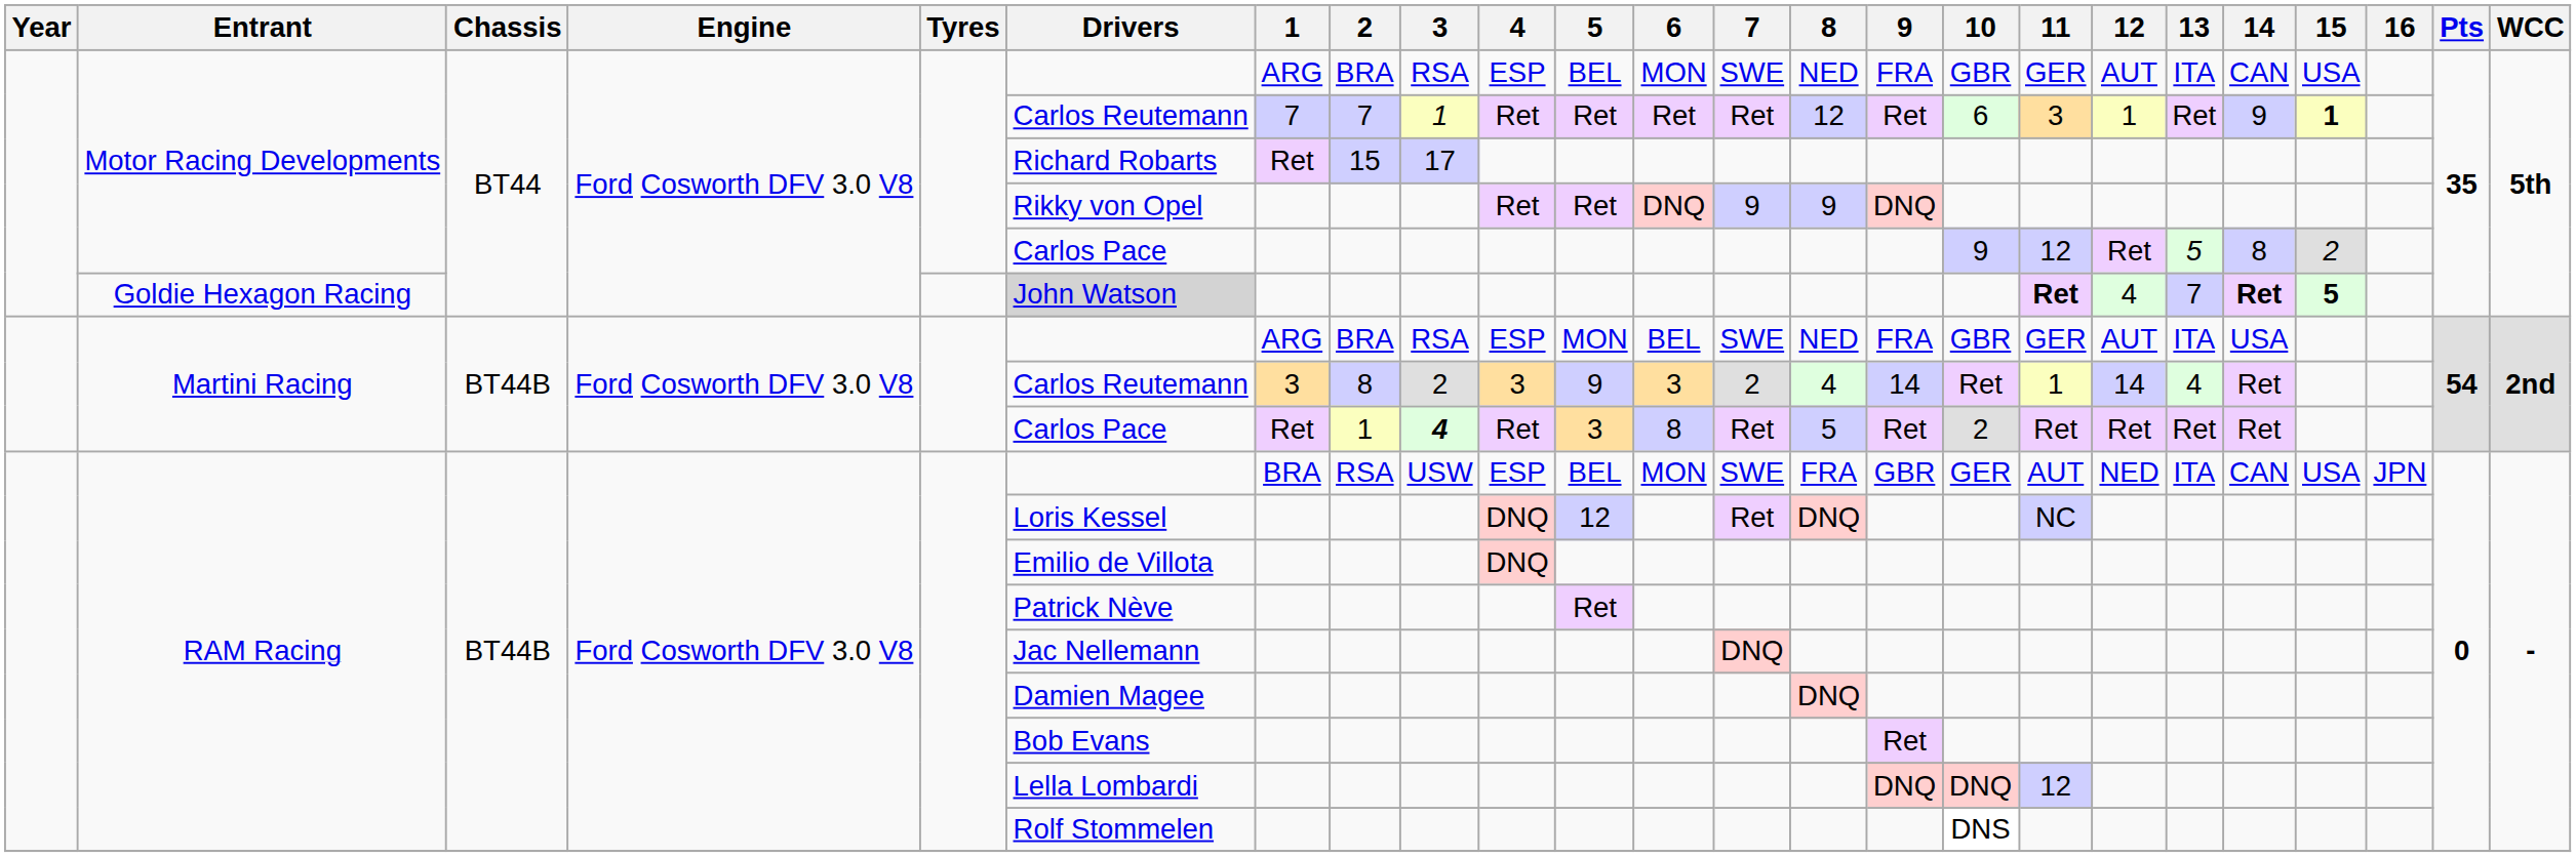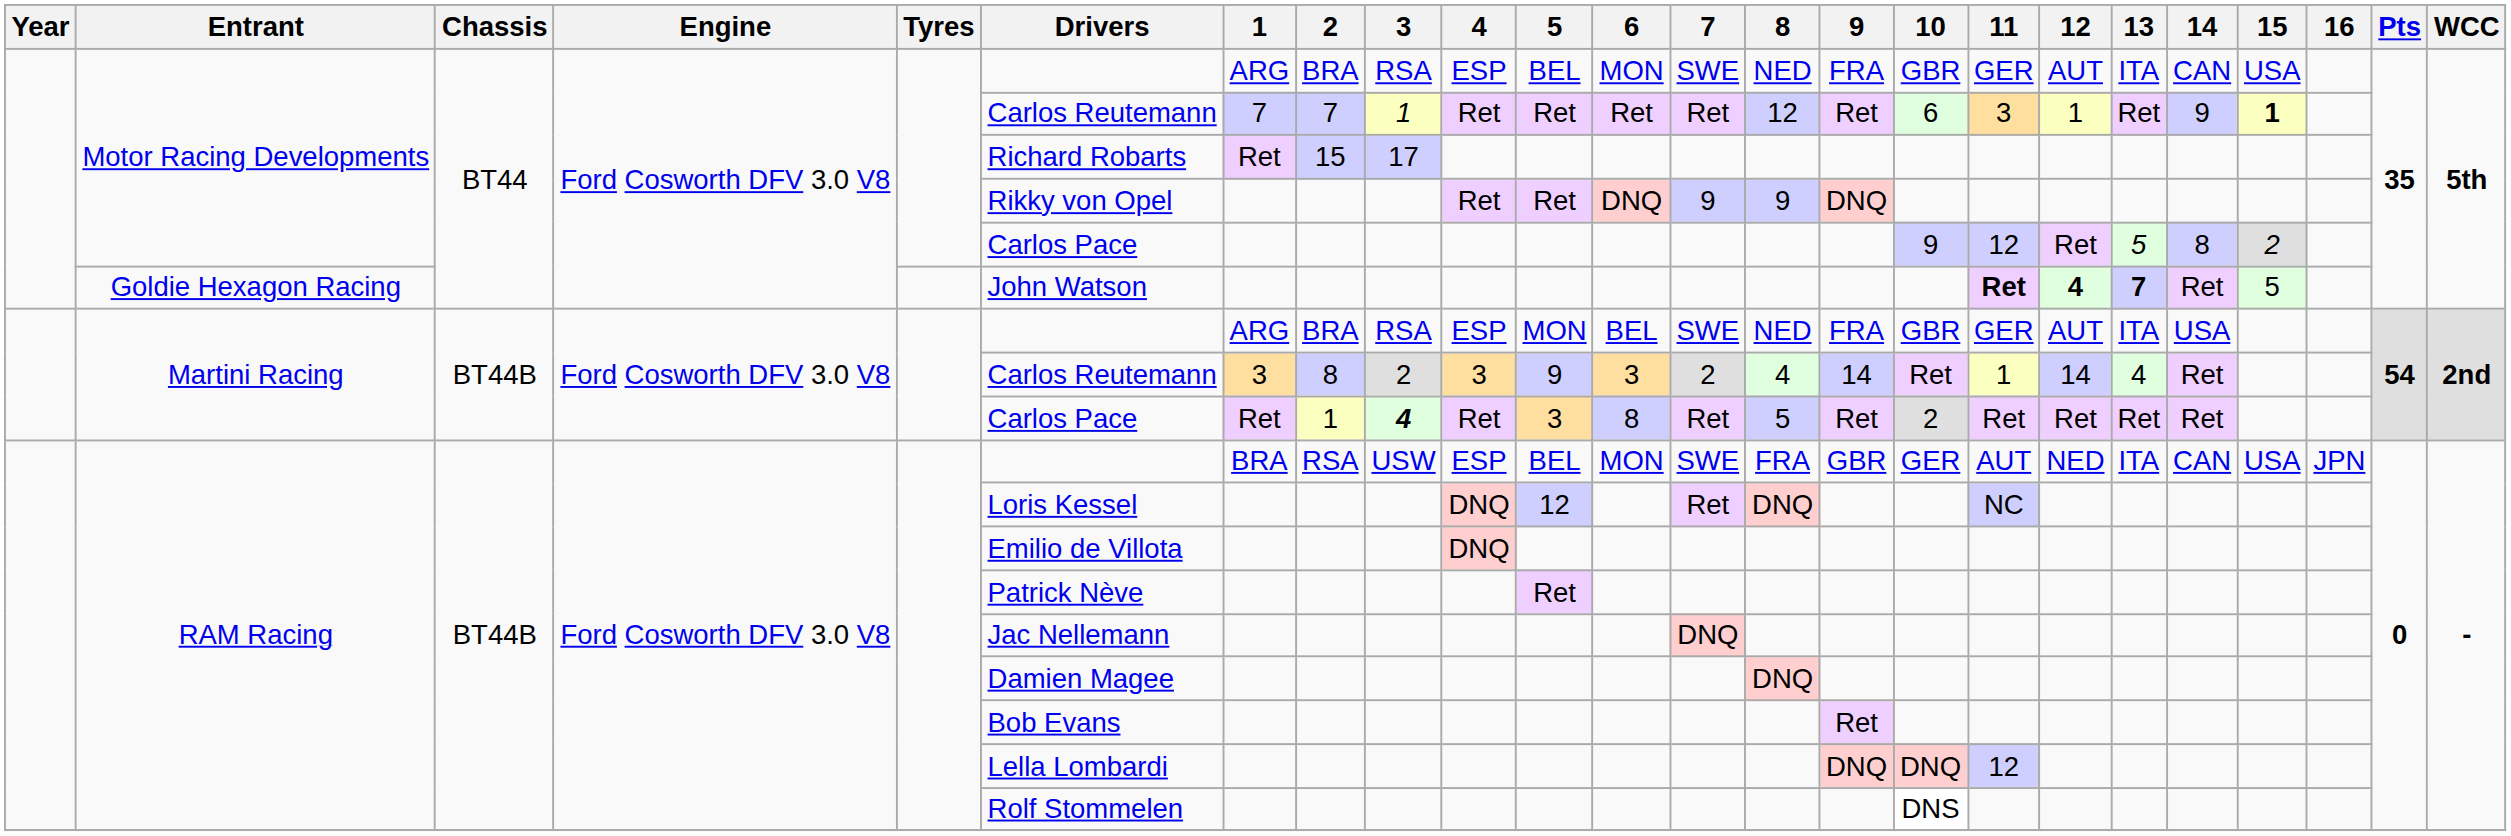 <table class="wikitable" style="text-align:center; font-size:90%">
 <tr>
 <th>Year</th>
 <th>Entrant</th>
 <th>Chassis</th>
 <th>Engine</th>
 <th>Tyres</th>
 <th>Drivers</th>
 <th>1</th>
 <th>2</th>
 <th>3</th>
 <th>4</th>
 <th>5</th>
 <th>6</th>
 <th>7</th>
 <th>8</th>
 <th>9</th>
 <th>10</th>
 <th>11</th>
 <th>12</th>
 <th>13</th>
 <th>14</th>
 <th>15</th>
 <th>16</th>
 <th><a href='#'>Pts</a></th>
 <th>WCC</th>
 </tr>
 <tr>
 <td rowspan=6></td>
 <td rowspan=5><a href='#'>Motor Racing Developments</a></td>
 <td rowspan=6>BT44</td>
 <td rowspan=6><a href='#'>Ford</a> <a href='#'>Cosworth DFV</a> 3.0 <a href='#'>V8</a></td>
 <td rowspan=5></td>
 <td></td>
 <td><a href='#'>ARG</a></td>
 <td><a href='#'>BRA</a></td>
 <td><a href='#'>RSA</a></td>
 <td><a href='#'>ESP</a></td>
 <td><a href='#'>BEL</a></td>
 <td><a href='#'>MON</a></td>
 <td><a href='#'>SWE</a></td>
 <td><a href='#'>NED</a></td>
 <td><a href='#'>FRA</a></td>
 <td><a href='#'>GBR</a></td>
 <td><a href='#'>GER</a></td>
 <td><a href='#'>AUT</a></td>
 <td><a href='#'>ITA</a></td>
 <td><a href='#'>CAN</a></td>
 <td><a href='#'>USA</a></td>
 <td></td>
 <td rowspan=6><strong>35</strong></td>
 <td rowspan=6><strong>5th</strong></td>
 </tr>
 <tr>
 <td align="left"><a href='#'>Carlos Reutemann</a></td>
 <td style="background:#CFCFFF;">7</td>
 <td style="background:#CFCFFF;">7</td>
 <td style="background:#FBFFBF;"><em>1</em></td>
 <td style="background:#EFCFFF;">Ret</td>
 <td style="background:#EFCFFF;">Ret</td>
 <td style="background:#EFCFFF;">Ret</td>
 <td style="background:#EFCFFF;">Ret</td>
 <td style="background:#CFCFFF;">12</td>
 <td style="background:#EFCFFF;">Ret</td>
 <td style="background:#DFFFDF;">6</td>
 <td style="background:#FFDF9F;">3</td>
 <td style="background:#FBFFBF;">1</td>
 <td style="background:#EFCFFF;">Ret</td>
 <td style="background:#CFCFFF;">9</td>
 <td style="background:#FBFFBF;"><strong>1</strong></td>
 <td></td>
 </tr>
 <tr>
 <td align="left"><a href='#'>Richard Robarts</a></td>
 <td style="background:#EFCFFF;">Ret</td>
 <td style="background:#CFCFFF;">15</td>
 <td style="background:#CFCFFF;">17</td>
 <td></td>
 <td></td>
 <td></td>
 <td></td>
 <td></td>
 <td></td>
 <td></td>
 <td></td>
 <td></td>
 <td></td>
 <td></td>
 <td></td>
 <td></td>
 </tr>
 <tr>
 <td align="left"><a href='#'>Rikky von Opel</a></td>
 <td></td>
 <td></td>
 <td></td>
 <td style="background:#EFCFFF;">Ret</td>
 <td style="background:#EFCFFF;">Ret</td>
 <td style="background:#FFCFCF;">DNQ</td>
 <td style="background:#CFCFFF;">9</td>
 <td style="background:#CFCFFF;">9</td>
 <td style="background:#FFCFCF;">DNQ</td>
 <td></td>
 <td></td>
 <td></td>
 <td></td>
 <td></td>
 <td></td>
 <td></td>
 </tr>
 <tr>
 <td align="left"><a href='#'>Carlos Pace</a></td>
 <td></td>
 <td></td>
 <td></td>
 <td></td>
 <td></td>
 <td></td>
 <td></td>
 <td></td>
 <td></td>
 <td style="background:#CFCFFF;">9</td>
 <td style="background:#CFCFFF;">12</td>
 <td style="background:#EFCFFF;">Ret</td>
 <td style="background:#DFFFDF;"><em>5</em></td>
 <td style="background:#CFCFFF;">8</td>
 <td style="background:#DFDFDF;"><em>2</em></td>
 <td></td>
 </tr>
 <tr>
 <td><a href='#'>Goldie Hexagon Racing</a></td>
 <td></td>
-<td align="left" style="background: lightgrey;"><a href='#'>John Watson</a></td>
+<td align="left"><a href='#'>John Watson</a></td>
 <td></td>
 <td></td>
 <td></td>
 <td></td>
 <td></td>
 <td></td>
 <td></td>
 <td></td>
 <td></td>
 <td></td>
 <td style="background:#EFCFFF;"><strong>Ret</strong></td>
-<td style="background:#DFFFDF;">4</td>
-<td style="background:#CFCFFF;">7</td>
-<td style="background:#EFCFFF;"><strong>Ret</strong></td>
-<td style="background:#DFFFDF;"><strong>5</strong></td>
+<td style="background:#DFFFDF;"><strong>4</strong></td>
+<td style="background:#CFCFFF;"><strong>7</strong></td>
+<td style="background:#EFCFFF;">Ret</td>
+<td style="background:#DFFFDF;">5</td>
 <td></td>
 </tr>
 <tr>
 <td rowspan=3></td>
 <td rowspan=3><a href='#'>Martini Racing</a></td>
 <td rowspan=3>BT44B</td>
 <td rowspan=3><a href='#'>Ford</a> <a href='#'>Cosworth DFV</a> 3.0 <a href='#'>V8</a></td>
 <td rowspan=3></td>
 <td></td>
 <td><a href='#'>ARG</a></td>
 <td><a href='#'>BRA</a></td>
 <td><a href='#'>RSA</a></td>
 <td><a href='#'>ESP</a></td>
 <td><a href='#'>MON</a></td>
 <td><a href='#'>BEL</a></td>
 <td><a href='#'>SWE</a></td>
 <td><a href='#'>NED</a></td>
 <td><a href='#'>FRA</a></td>
 <td><a href='#'>GBR</a></td>
 <td><a href='#'>GER</a></td>
 <td><a href='#'>AUT</a></td>
 <td><a href='#'>ITA</a></td>
 <td><a href='#'>USA</a></td>
 <td></td>
 <td></td>
 <td rowspan=3 style="background:#DFDFDF;"><strong>54</strong></td>
 <td rowspan=3 style="background:#DFDFDF;"><strong>2nd</strong></td>
 </tr>
 <tr>
 <td align="left"><a href='#'>Carlos Reutemann</a></td>
 <td style="background:#FFDF9F;">3</td>
 <td style="background:#CFCFFF;">8</td>
 <td style="background:#DFDFDF;">2</td>
 <td style="background:#FFDF9F;">3</td>
 <td style="background:#CFCFFF;">9</td>
 <td style="background:#FFDF9F;">3</td>
 <td style="background:#DFDFDF;">2</td>
 <td style="background:#DFFFDF;">4</td>
 <td style="background:#CFCFFF;">14</td>
 <td style="background:#EFCFFF;">Ret</td>
 <td style="background:#FBFFBF;">1</td>
 <td style="background:#CFCFFF;">14</td>
 <td style="background:#DFFFDF;">4</td>
 <td style="background:#EFCFFF;">Ret</td>
 <td></td>
 <td></td>
 </tr>
 <tr>
 <td align="left"><a href='#'>Carlos Pace</a></td>
 <td style="background:#EFCFFF;">Ret</td>
 <td style="background:#FBFFBF;">1</td>
 <td style="background:#DFFFDF;"><strong><em>4</em></strong></td>
 <td style="background:#EFCFFF;">Ret</td>
 <td style="background:#FFDF9F;">3</td>
 <td style="background:#CFCFFF;">8</td>
 <td style="background:#EFCFFF;">Ret</td>
 <td style="background:#CFCFFF;">5</td>
 <td style="background:#EFCFFF;">Ret</td>
 <td style="background:#DFDFDF;">2</td>
 <td style="background:#EFCFFF;">Ret</td>
 <td style="background:#EFCFFF;">Ret</td>
 <td style="background:#EFCFFF;">Ret</td>
 <td style="background:#EFCFFF;">Ret</td>
 <td></td>
 <td></td>
 </tr>
 <tr>
 <td rowspan=9></td>
 <td rowspan=9><a href='#'>RAM Racing</a></td>
 <td rowspan=9>BT44B</td>
 <td rowspan=9><a href='#'>Ford</a> <a href='#'>Cosworth DFV</a> 3.0 <a href='#'>V8</a></td>
 <td rowspan=9></td>
 <td></td>
 <td><a href='#'>BRA</a></td>
 <td><a href='#'>RSA</a></td>
 <td><a href='#'>USW</a></td>
 <td><a href='#'>ESP</a></td>
 <td><a href='#'>BEL</a></td>
 <td><a href='#'>MON</a></td>
 <td><a href='#'>SWE</a></td>
 <td><a href='#'>FRA</a></td>
 <td><a href='#'>GBR</a></td>
 <td><a href='#'>GER</a></td>
 <td><a href='#'>AUT</a></td>
 <td><a href='#'>NED</a></td>
 <td><a href='#'>ITA</a></td>
 <td><a href='#'>CAN</a></td>
 <td><a href='#'>USA</a></td>
 <td><a href='#'>JPN</a></td>
 <td rowspan=9><strong>0</strong></td>
 <td rowspan=9><strong>-</strong></td>
 </tr>
 <tr>
 <td align="left"><a href='#'>Loris Kessel</a></td>
 <td></td>
 <td></td>
 <td></td>
 <td style="background:#FFCFCF;">DNQ</td>
 <td style="background:#CFCFFF;">12</td>
 <td></td>
 <td style="background:#EFCFFF;">Ret</td>
 <td style="background:#FFCFCF;">DNQ</td>
 <td></td>
 <td></td>
 <td style="background:#CFCFFF;">NC</td>
 <td></td>
 <td></td>
 <td></td>
 <td></td>
 <td></td>
 </tr>
 <tr>
 <td align="left"><a href='#'>Emilio de Villota</a></td>
 <td></td>
 <td></td>
 <td></td>
 <td style="background:#FFCFCF;">DNQ</td>
 <td></td>
 <td></td>
 <td></td>
 <td></td>
 <td></td>
 <td></td>
 <td></td>
 <td></td>
 <td></td>
 <td></td>
 <td></td>
 <td></td>
 </tr>
 <tr>
 <td align="left"><a href='#'>Patrick Nève</a></td>
 <td></td>
 <td></td>
 <td></td>
 <td></td>
 <td style="background:#EFCFFF;">Ret</td>
 <td></td>
 <td></td>
 <td></td>
 <td></td>
 <td></td>
 <td></td>
 <td></td>
 <td></td>
 <td></td>
 <td></td>
 <td></td>
 </tr>
 <tr>
 <td align="left"><a href='#'>Jac Nellemann</a></td>
 <td></td>
 <td></td>
 <td></td>
 <td></td>
 <td></td>
 <td></td>
 <td style="background:#FFCFCF;">DNQ</td>
 <td></td>
 <td></td>
 <td></td>
 <td></td>
 <td></td>
 <td></td>
 <td></td>
 <td></td>
 <td></td>
 </tr>
 <tr>
 <td align="left"><a href='#'>Damien Magee</a></td>
 <td></td>
 <td></td>
 <td></td>
 <td></td>
 <td></td>
 <td></td>
 <td></td>
 <td style="background:#FFCFCF;">DNQ</td>
 <td></td>
 <td></td>
 <td></td>
 <td></td>
 <td></td>
 <td></td>
 <td></td>
 <td></td>
 </tr>
 <tr>
 <td align="left"><a href='#'>Bob Evans</a></td>
 <td></td>
 <td></td>
 <td></td>
 <td></td>
 <td></td>
 <td></td>
 <td></td>
 <td></td>
 <td style="background:#EFCFFF;">Ret</td>
 <td></td>
 <td></td>
 <td></td>
 <td></td>
 <td></td>
 <td></td>
 <td></td>
 </tr>
 <tr>
 <td align="left"><a href='#'>Lella Lombardi</a></td>
 <td></td>
 <td></td>
 <td></td>
 <td></td>
 <td></td>
 <td></td>
 <td></td>
 <td></td>
 <td style="background:#FFCFCF;">DNQ</td>
 <td style="background:#FFCFCF;">DNQ</td>
 <td style="background:#CFCFFF;">12</td>
 <td></td>
 <td></td>
 <td></td>
 <td></td>
 <td></td>
 </tr>
 <tr>
 <td align="left"><a href='#'>Rolf Stommelen</a></td>
 <td></td>
 <td></td>
 <td></td>
 <td></td>
 <td></td>
 <td></td>
 <td></td>
 <td></td>
 <td></td>
 <td style="background:#FFFFFF;">DNS</td>
 <td></td>
 <td></td>
 <td></td>
 <td></td>
 <td></td>
 <td></td>
 </tr>
 <tr>
 </tr>
 </table>
